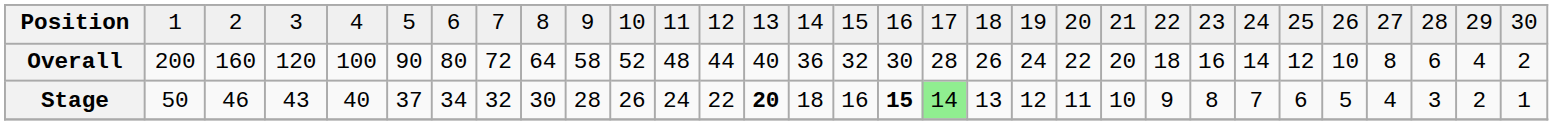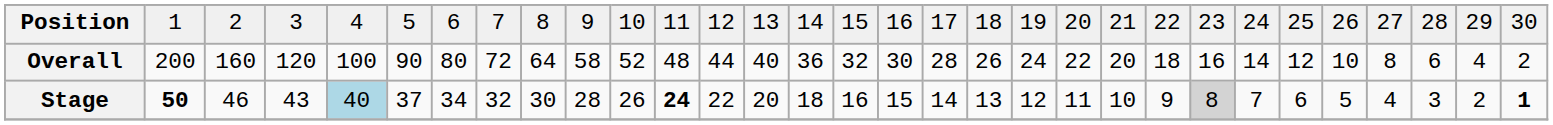 <table class="wikitable" style="font-size:90%; text-align:center; width:90%">
 <tr bgcolor="#F0F0F0">
 <th>Position</th>
 <td>1</td>
 <td>2</td>
 <td>3</td>
 <td>4</td>
 <td>5</td>
 <td>6</td>
 <td>7</td>
 <td>8</td>
 <td>9</td>
 <td>10</td>
 <td>11</td>
 <td>12</td>
 <td>13</td>
 <td>14</td>
 <td>15</td>
 <td>16</td>
 <td>17</td>
 <td>18</td>
 <td>19</td>
 <td>20</td>
 <td>21</td>
 <td>22</td>
 <td>23</td>
 <td>24</td>
 <td>25</td>
 <td>26</td>
 <td>27</td>
 <td>28</td>
 <td>29</td>
 <td>30</td>
 </tr>
 <tr>
 <th>Overall</th>
 <td>200</td>
 <td>160</td>
 <td>120</td>
 <td>100</td>
 <td>90</td>
 <td>80</td>
 <td>72</td>
 <td>64</td>
 <td>58</td>
 <td>52</td>
 <td>48</td>
 <td>44</td>
 <td>40</td>
 <td>36</td>
 <td>32</td>
 <td>30</td>
 <td>28</td>
 <td>26</td>
 <td>24</td>
 <td>22</td>
 <td>20</td>
 <td>18</td>
 <td>16</td>
 <td>14</td>
 <td>12</td>
 <td>10</td>
 <td>8</td>
 <td>6</td>
 <td>4</td>
 <td>2</td>
 </tr>
 <tr>
 <th>Stage</th>
-<td>50</td>
+<td><strong>50</strong></td>
 <td>46</td>
 <td>43</td>
-<td>40</td>
+<td style="background: lightblue;">40</td>
 <td>37</td>
 <td>34</td>
 <td>32</td>
 <td>30</td>
 <td>28</td>
 <td>26</td>
-<td>24</td>
+<td><strong>24</strong></td>
 <td>22</td>
-<td><strong>20</strong></td>
+<td>20</td>
 <td>18</td>
 <td>16</td>
-<td><strong>15</strong></td>
-<td style="background: lightgreen;">14</td>
+<td>15</td>
+<td>14</td>
 <td>13</td>
 <td>12</td>
 <td>11</td>
 <td>10</td>
 <td>9</td>
-<td>8</td>
+<td style="background: lightgrey;">8</td>
 <td>7</td>
 <td>6</td>
 <td>5</td>
 <td>4</td>
 <td>3</td>
 <td>2</td>
-<td>1</td>
+<td><strong>1</strong></td>
 </tr>
 <tr>
 </tr>
 </table>
